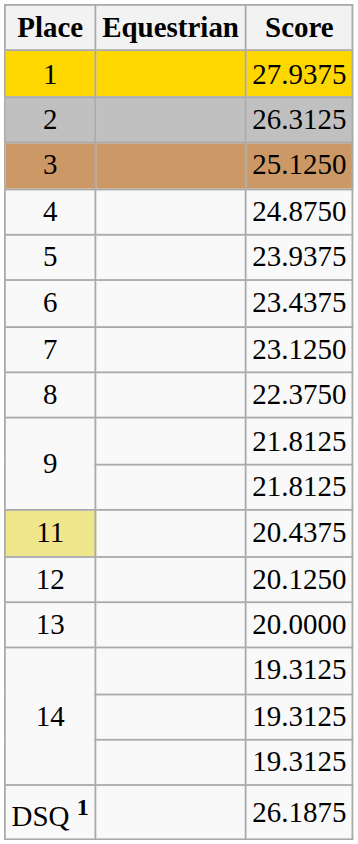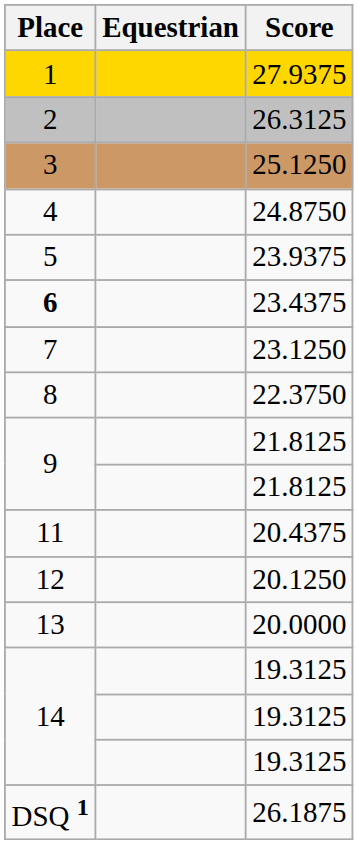 <table class=wikitable style="text-align:center">
 <tr>
 <th>Place</th>
 <th>Equestrian</th>
 <th>Score</th>
 </tr>
 <tr bgcolor=gold>
 <td>1</td>
 <td align=left></td>
 <td>27.9375</td>
 </tr>
 <tr bgcolor=silver>
 <td>2</td>
 <td align=left></td>
 <td>26.3125</td>
 </tr>
 <tr bgcolor=cc9966>
 <td>3</td>
 <td align=left></td>
 <td>25.1250</td>
 </tr>
 <tr>
 <td>4</td>
 <td align=left></td>
 <td>24.8750</td>
 </tr>
 <tr>
 <td>5</td>
 <td align=left></td>
 <td>23.9375</td>
 </tr>
 <tr>
-<td>6</td>
+<td><strong>6</strong></td>
 <td align=left></td>
 <td>23.4375</td>
 </tr>
 <tr>
 <td>7</td>
 <td align=left></td>
 <td>23.1250</td>
 </tr>
 <tr>
 <td>8</td>
 <td align=left></td>
 <td>22.3750</td>
 </tr>
 <tr>
 <td rowspan=2>9</td>
 <td align=left></td>
 <td>21.8125</td>
 </tr>
 <tr>
 <td align=left></td>
 <td>21.8125</td>
 </tr>
 <tr>
-<td style="background: khaki;">11</td>
+<td>11</td>
 <td align=left></td>
 <td>20.4375</td>
 </tr>
 <tr>
 <td>12</td>
 <td align=left></td>
 <td>20.1250</td>
 </tr>
 <tr>
 <td>13</td>
 <td align=left></td>
 <td>20.0000</td>
 </tr>
 <tr>
 <td rowspan=3>14</td>
 <td align=left></td>
 <td>19.3125</td>
 </tr>
 <tr>
 <td align=left></td>
 <td>19.3125</td>
 </tr>
 <tr>
 <td align=left></td>
 <td>19.3125</td>
 </tr>
 <tr>
 <td>DSQ <sup><strong>1</strong></sup></td>
 <td align=left></td>
 <td>26.1875</td>
 </tr>
 </table>
